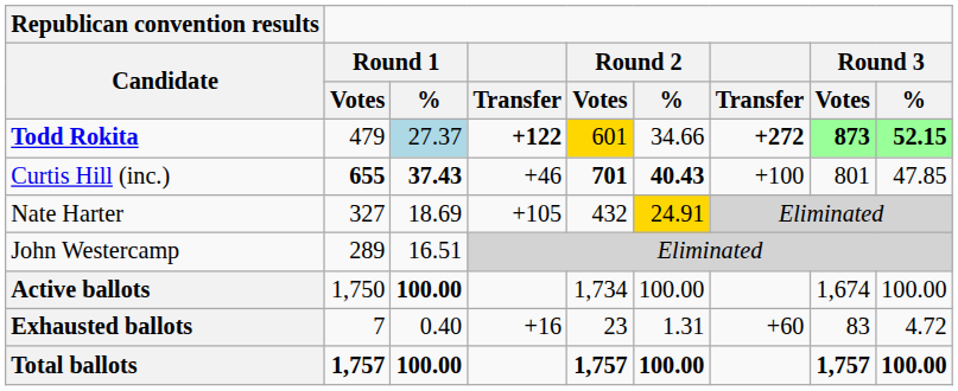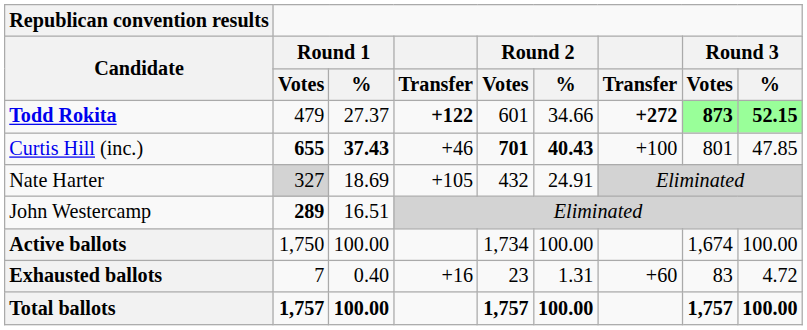 <table class="wikitable">
 <tr>
 <th>Republican convention results</th>
 </tr>
 <tr>
 <th rowspan=2>Candidate</th>
 <th colspan=2>Round 1</th>
 <th></th>
 <th colspan=2>Round 2</th>
 <th></th>
 <th colspan=2>Round 3</th>
 </tr>
 <tr>
 <th>Votes</th>
 <th>%</th>
 <th>Transfer</th>
 <th>Votes</th>
 <th>%</th>
 <th>Transfer</th>
 <th>Votes</th>
 <th>%</th>
 </tr>
 <tr>
 <td><strong><a href='#'>Todd Rokita</a></strong></td>
 <td style="text-align:right;">479</td>
-<td style="background: lightblue; text-align:right;">27.37</td>
+<td style="text-align:right;">27.37</td>
 <td style="text-align:right;"><strong>+122</strong></td>
-<td style="background: gold; text-align:right;">601</td>
+<td style="text-align:right;">601</td>
 <td style="text-align:right;">34.66</td>
 <td style="text-align:right;"><strong>+272</strong></td>
 <td style="text-align:right; background: #99FF99"><strong>873</strong></td>
 <td style="text-align:right; background: #99FF99"><strong>52.15</strong></td>
 </tr>
 <tr>
 <td><a href='#'>Curtis Hill</a> (inc.)</td>
 <td style="text-align:right;"><strong>655</strong></td>
 <td style="text-align:right;"><strong>37.43</strong></td>
 <td style="text-align:right;">+46</td>
 <td style="text-align:right;"><strong>701</strong></td>
 <td style="text-align:right;"><strong>40.43</strong></td>
 <td style="text-align:right;">+100</td>
 <td style="text-align:right;">801</td>
 <td style="text-align:right;">47.85</td>
 </tr>
 <tr>
 <td>Nate Harter</td>
-<td style="text-align:right;">327</td>
+<td style="background: lightgrey; text-align:right;">327</td>
 <td style="text-align:right;">18.69</td>
 <td style="text-align:right;">+105</td>
 <td style="text-align:right;">432</td>
-<td style="background: gold; text-align:right;">24.91</td>
+<td style="text-align:right;">24.91</td>
 <td colspan=4 bgcolor=lightgray align=center><em>Eliminated</em></td>
 </tr>
 <tr>
 <td>John Westercamp</td>
-<td style="text-align:right;">289</td>
+<td style="text-align:right;"><strong>289</strong></td>
 <td style="text-align:right;">16.51</td>
 <td colspan=7 bgcolor=lightgray align=center><em>Eliminated</em></td>
 </tr>
 <tr>
 <th style="text-align:left;">Active ballots</th>
 <td style="text-align:right;">1,750</td>
-<td style="text-align:right;"><strong>100.00</strong></td>
+<td style="text-align:right;">100.00</td>
 <td></td>
 <td style="text-align:right;">1,734</td>
 <td style="text-align:right;">100.00</td>
 <td></td>
 <td style="text-align:right;">1,674</td>
 <td style="text-align:right;">100.00</td>
 </tr>
 <tr>
 <th style="text-align:left;">Exhausted ballots</th>
 <td style="text-align:right;">7</td>
 <td style="text-align:right;">0.40</td>
 <td style="text-align:right;">+16</td>
 <td style="text-align:right;">23</td>
 <td style="text-align:right;">1.31</td>
 <td style="text-align:right;">+60</td>
 <td style="text-align:right;">83</td>
 <td style="text-align:right;">4.72</td>
 </tr>
 <tr>
 <th style="text-align:left;">Total ballots</th>
 <td style="text-align:right;"><strong>1,757</strong></td>
 <td style="text-align:right;"><strong>100.00</strong></td>
 <td></td>
 <td style="text-align:right;"><strong>1,757</strong></td>
 <td style="text-align:right;"><strong>100.00</strong></td>
 <td></td>
 <td style="text-align:right;"><strong>1,757</strong></td>
 <td style="text-align:right;"><strong>100.00</strong></td>
 </tr>
 </table>
